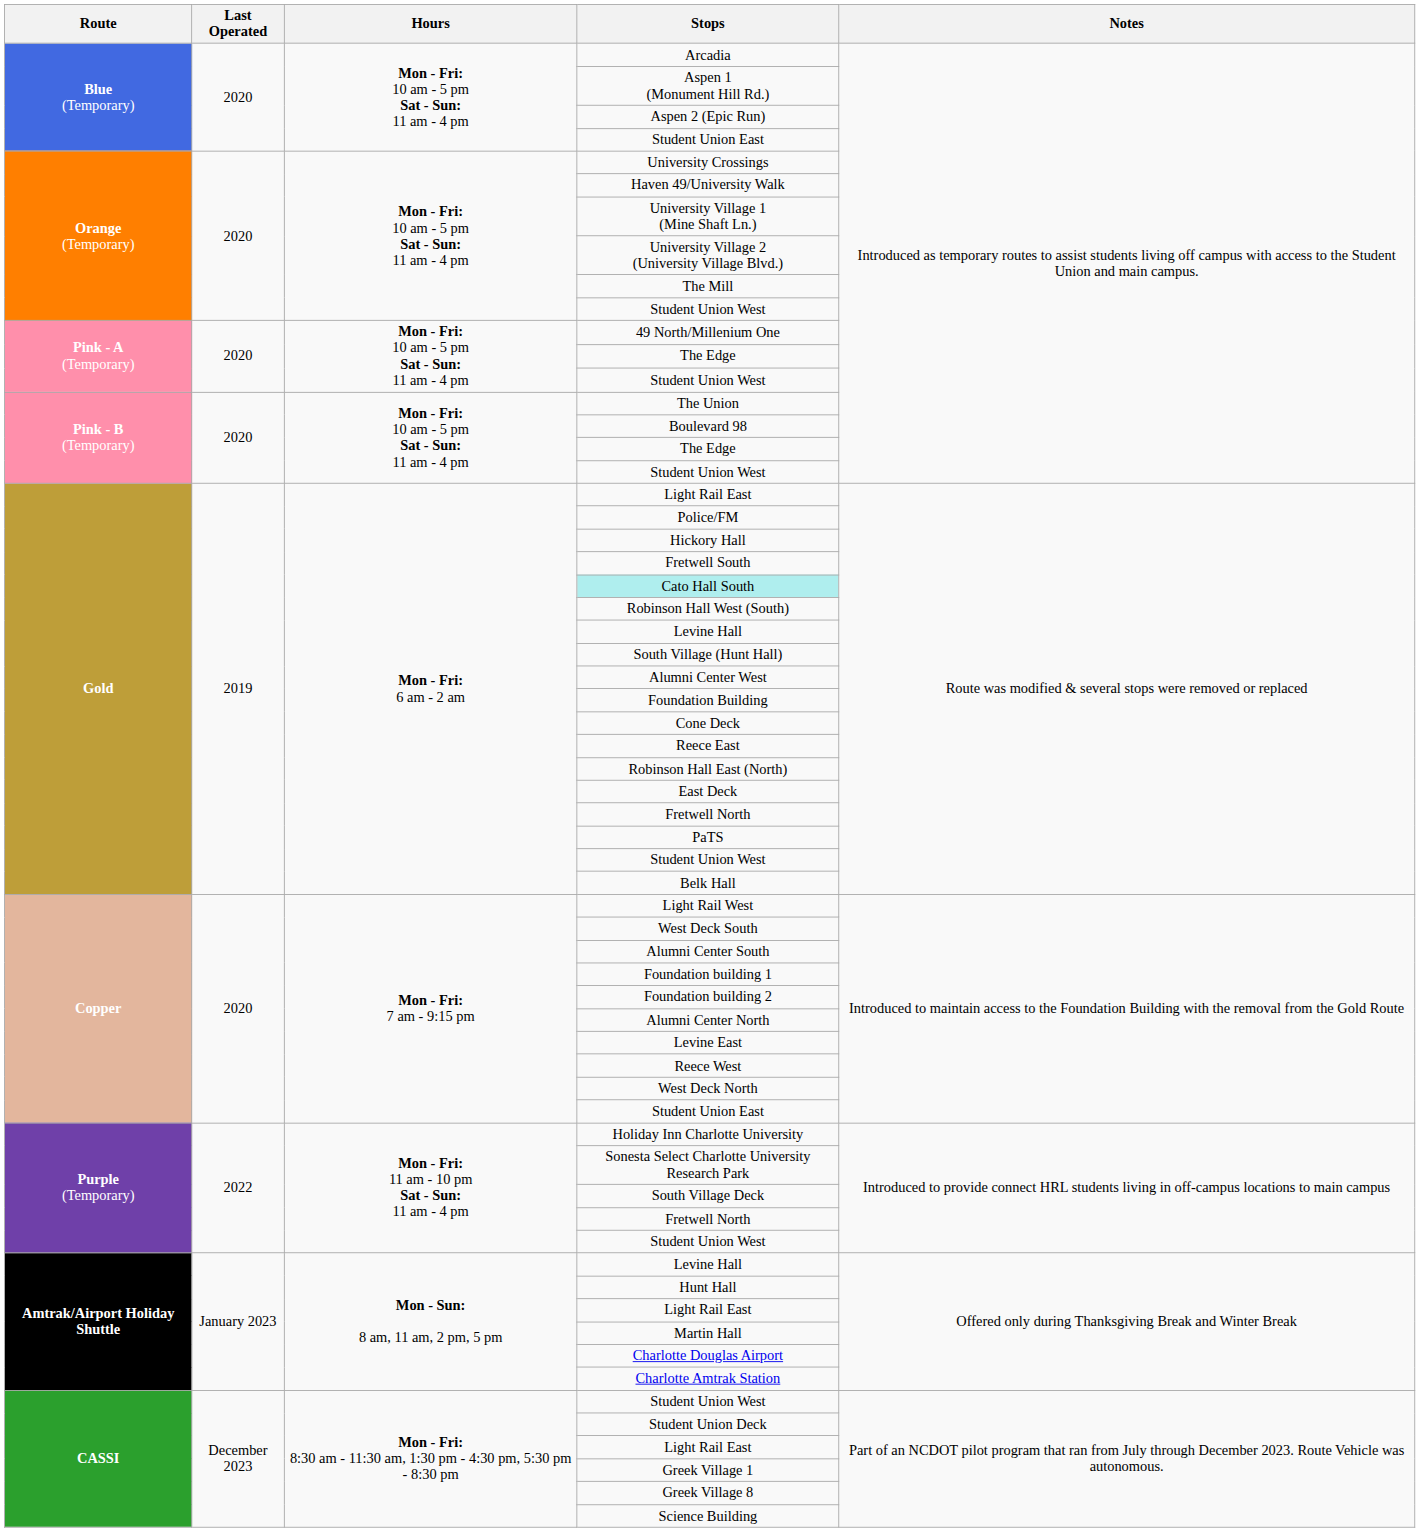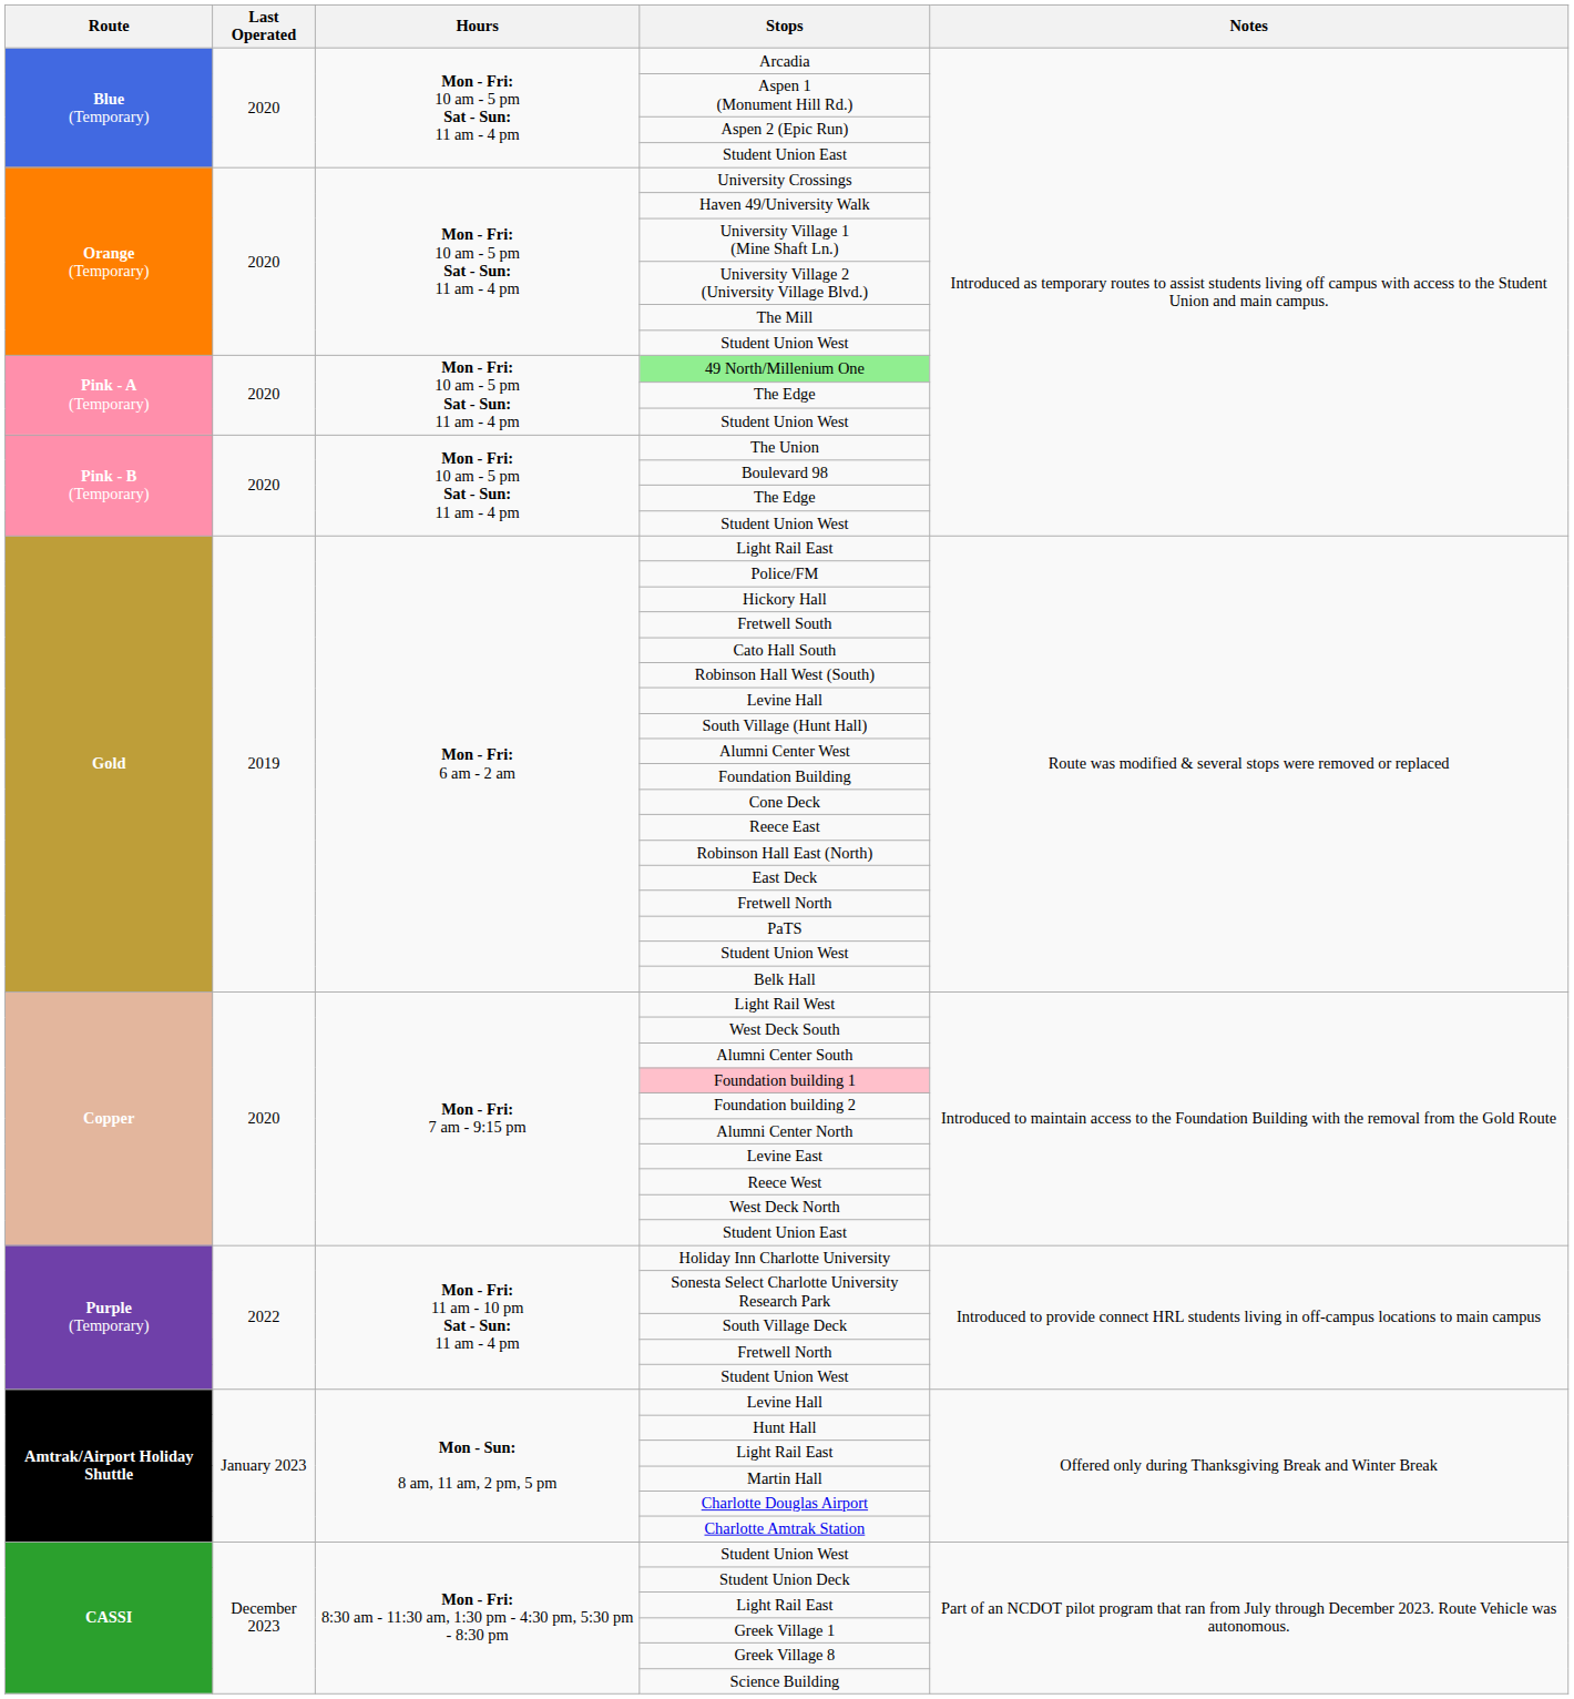 <table class="wikitable">
 <tr>
 <th>Route</th>
 <th>Last Operated</th>
 <th>Hours</th>
 <th>Stops</th>
 <th>Notes</th>
 </tr>
 <tr>
 <td rowspan="4" style="background:#4169E1 ; color:white" align="center"><strong>Blue</strong><br>(Temporary)</td>
 <td rowspan="4" align="center">2020</td>
 <td rowspan="4" align="center"><strong>Mon - Fri:</strong><br>10 am - 5 pm<br><strong>Sat - Sun:</strong><br>11 am - 4 pm</td>
 <td align="center">Arcadia</td>
 <td rowspan="17" align="center">Introduced as temporary routes to assist students living off campus with access to the Student Union and main campus.</td>
 </tr>
 <tr>
 <td align="center">Aspen 1<br>(Monument Hill Rd.)</td>
 </tr>
 <tr>
 <td align="center">Aspen 2 (Epic Run)</td>
 </tr>
 <tr>
 <td align="center">Student Union East</td>
 </tr>
 <tr>
 <td rowspan="6" style="background:#FF7f00; color:white" align="center"><strong>Orange</strong><br>(Temporary)</td>
 <td rowspan="6" align="center">2020</td>
 <td rowspan="6" align="center"><strong>Mon - Fri:</strong><br>10 am - 5 pm<br><strong>Sat - Sun:</strong><br>11 am - 4 pm</td>
 <td align="center">University Crossings</td>
 </tr>
 <tr>
 <td align="center">Haven 49/University Walk</td>
 </tr>
 <tr>
 <td align="center">University Village 1<br>(Mine Shaft Ln.)</td>
 </tr>
 <tr>
 <td align="center">University Village 2<br>(University Village Blvd.)</td>
 </tr>
 <tr>
 <td align="center">The Mill</td>
 </tr>
 <tr>
 <td align="center">Student Union West</td>
 </tr>
 <tr>
 <td rowspan="3" style="background:#ff8fab; color:white" align="center"><strong>Pink - A</strong><br>(Temporary)</td>
 <td rowspan="3" align="center">2020</td>
 <td rowspan="3" align="center"><strong>Mon - Fri:</strong><br>10 am - 5 pm<br><strong>Sat - Sun:</strong><br>11 am - 4 pm</td>
-<td align="center">49 North/Millenium One</td>
+<td align="center" style="background: lightgreen;">49 North/Millenium One</td>
 </tr>
 <tr>
 <td align="center">The Edge</td>
 </tr>
 <tr>
 <td align="center">Student Union West</td>
 </tr>
 <tr>
 <td rowspan="4" style="background:#ff8fab; color:white" align="center"><strong>Pink - B</strong><br>(Temporary)</td>
 <td rowspan="4" align="center">2020</td>
 <td rowspan="4" align="center"><strong>Mon - Fri:</strong><br>10 am - 5 pm<br><strong>Sat - Sun:</strong><br>11 am - 4 pm</td>
 <td align="center">The Union</td>
 </tr>
 <tr>
 <td align="center">Boulevard 98</td>
 </tr>
 <tr>
 <td align="center">The Edge</td>
 </tr>
 <tr>
 <td align="center">Student Union West</td>
 </tr>
 <tr>
 <td rowspan="18" style="background:#be9e39 ; color:white" align="center"><strong>Gold</strong></td>
 <td rowspan="18" align="center">2019</td>
 <td rowspan="18" align="center"><strong>Mon - Fri:</strong><br>6 am - 2 am</td>
 <td align="center">Light Rail East</td>
 <td rowspan="18" align="center">Route was modified & several stops were removed or replaced</td>
 </tr>
 <tr>
 <td align="center">Police/FM</td>
 </tr>
 <tr>
 <td align="center">Hickory Hall</td>
 </tr>
 <tr>
 <td align="center">Fretwell South</td>
 </tr>
 <tr>
-<td align="center" style="background: paleturquoise;">Cato Hall South</td>
+<td align="center">Cato Hall South</td>
 </tr>
 <tr>
 <td align="center">Robinson Hall West (South)</td>
 </tr>
 <tr>
 <td align="center">Levine Hall</td>
 </tr>
 <tr>
 <td align="center">South Village (Hunt Hall)</td>
 </tr>
 <tr>
 <td align="center">Alumni Center West</td>
 </tr>
 <tr>
 <td align="center">Foundation Building</td>
 </tr>
 <tr>
 <td align="center">Cone Deck</td>
 </tr>
 <tr>
 <td align="center">Reece East</td>
 </tr>
 <tr>
 <td align="center">Robinson Hall East (North)</td>
 </tr>
 <tr>
 <td align="center">East Deck</td>
 </tr>
 <tr>
 <td align="center">Fretwell North</td>
 </tr>
 <tr>
 <td align="center">PaTS</td>
 </tr>
 <tr>
 <td align="center">Student Union West</td>
 </tr>
 <tr>
 <td align="center">Belk Hall</td>
 </tr>
 <tr>
 <td rowspan="10" style="background:#e3b69d ; color:white" align="center"><strong>Copper</strong></td>
 <td rowspan="10" align="center">2020</td>
 <td rowspan="10" align="center"><strong>Mon - Fri:</strong><br>7 am - 9:15 pm</td>
 <td align="center">Light Rail West</td>
 <td rowspan="10" align="center">Introduced to maintain access to the Foundation Building with the removal from the Gold Route</td>
 </tr>
 <tr>
 <td align="center">West Deck South</td>
 </tr>
 <tr>
 <td align="center">Alumni Center South</td>
 </tr>
 <tr>
-<td align="center">Foundation building 1</td>
+<td align="center" style="background: pink;">Foundation building 1</td>
 </tr>
 <tr>
 <td align="center">Foundation building 2</td>
 </tr>
 <tr>
 <td align="center">Alumni Center North</td>
 </tr>
 <tr>
 <td align="center">Levine East</td>
 </tr>
 <tr>
 <td align="center">Reece West</td>
 </tr>
 <tr>
 <td align="center">West Deck North</td>
 </tr>
 <tr>
 <td align="center">Student Union East</td>
 </tr>
 <tr>
 <td rowspan="5" style="background:#6f40a9 ; color:white" align="center"><strong>Purple</strong><br>(Temporary)</td>
 <td rowspan="5" align="center">2022</td>
 <td rowspan="5" align="center"><strong>Mon - Fri:</strong><br>11 am - 10 pm<br><strong>Sat - Sun:</strong><br>11 am - 4 pm</td>
 <td align="center">Holiday Inn Charlotte University</td>
 <td rowspan="5" align="center">Introduced to provide connect HRL students living in off-campus locations to main campus </td>
 </tr>
 <tr>
 <td align="center">Sonesta Select Charlotte University Research Park</td>
 </tr>
 <tr>
 <td align="center">South Village Deck</td>
 </tr>
 <tr>
 <td align="center">Fretwell North</td>
 </tr>
 <tr>
 <td align="center">Student Union West</td>
 </tr>
 <tr>
 <td rowspan="6" style="background:#000000 ; color:white" align="center"><strong>Amtrak/Airport Holiday Shuttle</strong></td>
 <td rowspan="6" align="center">January 2023</td>
 <td rowspan="6" align="center"><strong>Mon - Sun:</strong><br><br>8 am, 11 am, 2 pm, 5 pm</td>
 <td align="center">Levine Hall</td>
 <td rowspan="6" align="center">Offered only during Thanksgiving Break and Winter Break </td>
 </tr>
 <tr>
 <td align="center">Hunt Hall</td>
 </tr>
 <tr>
 <td align="center">Light Rail East</td>
 </tr>
 <tr>
 <td align="center">Martin Hall</td>
 </tr>
 <tr>
 <td align="center"><a href='#'>Charlotte Douglas Airport</a></td>
 </tr>
 <tr>
 <td align="center"><a href='#'>Charlotte Amtrak Station</a></td>
 </tr>
 <tr>
 <td rowspan="6" style="background:#2ba02d; color:white" align="center"><strong>CASSI</strong></td>
 <td rowspan="6" align="center">December 2023</td>
 <td rowspan="6" align="center"><strong>Mon - Fri:</strong><br>8:30 am - 11:30 am, 1:30 pm - 4:30 pm, 5:30 pm - 8:30 pm</td>
 <td align="center">Student Union West</td>
 <td rowspan="6" align="center">Part of an NCDOT pilot program that ran from July through December 2023. Route Vehicle was autonomous.</td>
 </tr>
 <tr>
 <td align="center">Student Union Deck</td>
 </tr>
 <tr>
 <td align="center">Light Rail East</td>
 </tr>
 <tr>
 <td align="center">Greek Village 1</td>
 </tr>
 <tr>
 <td align="center">Greek Village 8</td>
 </tr>
 <tr>
 <td align="center">Science Building</td>
 </tr>
 </table>
